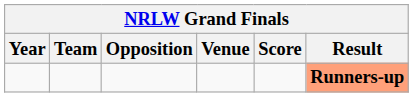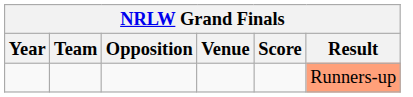 <table class=wikitable>
 <tr>
 <th colspan=6><a href='#'>NRLW</a> Grand Finals</th>
 </tr>
 <tr>
 <th>Year</th>
 <th>Team</th>
 <th>Opposition</th>
 <th>Venue</th>
 <th>Score</th>
 <th>Result</th>
 </tr>
 <tr>
 <td></td>
 <td></td>
 <td></td>
 <td></td>
 <td></td>
-<td align="center" bgcolor="#ffa07a"><strong>Runners-up</strong></td>
+<td align="center" bgcolor="#ffa07a">Runners-up</td>
 </tr>
 </table>
